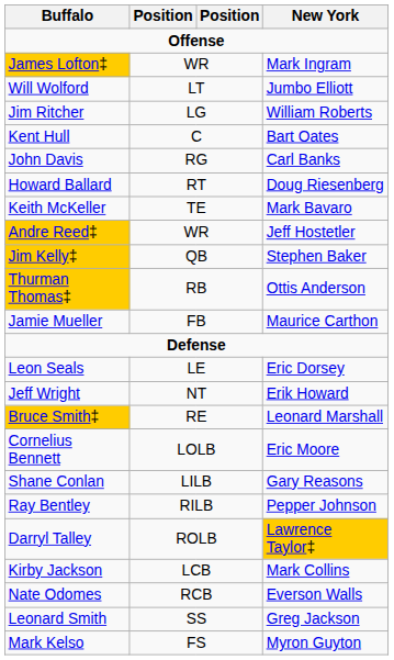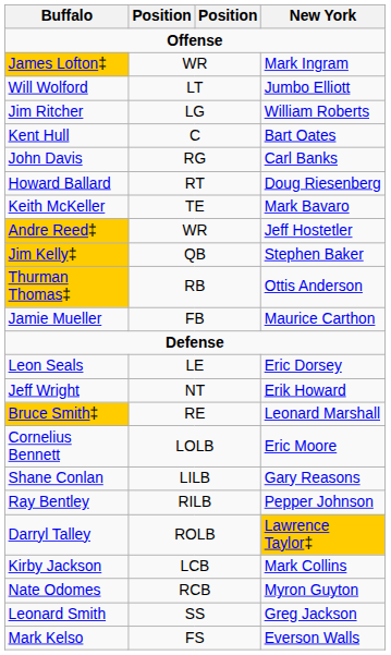 <table class="wikitable">
 <tr>
 <th width="125px">Buffalo</th>
 <th>Position</th>
 <th>Position</th>
 <th width="125px">New York</th>
 </tr>
 <tr>
 <td colspan="4" style="text-align:center"><strong>Offense</strong></td>
 </tr>
 <tr>
 <td bgcolor="#FFCC00"><a href='#'>James Lofton</a>‡</td>
 <td colspan="2" style="text-align:center">WR</td>
 <td><a href='#'>Mark Ingram</a></td>
 </tr>
 <tr>
 <td><a href='#'>Will Wolford</a></td>
 <td colspan="2" style="text-align:center">LT</td>
 <td><a href='#'>Jumbo Elliott</a></td>
 </tr>
 <tr>
 <td><a href='#'>Jim Ritcher</a></td>
 <td colspan="2" style="text-align:center">LG</td>
 <td><a href='#'>William Roberts</a></td>
 </tr>
 <tr>
 <td><a href='#'>Kent Hull</a></td>
 <td colspan="2" style="text-align:center">C</td>
 <td><a href='#'>Bart Oates</a></td>
 </tr>
 <tr>
 <td><a href='#'>John Davis</a></td>
 <td colspan="2" style="text-align:center">RG</td>
 <td><a href='#'>Carl Banks</a></td>
 </tr>
 <tr>
 <td><a href='#'>Howard Ballard</a></td>
 <td colspan="2" style="text-align:center">RT</td>
 <td><a href='#'>Doug Riesenberg</a></td>
 </tr>
 <tr>
 <td><a href='#'>Keith McKeller</a></td>
 <td colspan="2" style="text-align:center">TE</td>
 <td><a href='#'>Mark Bavaro</a></td>
 </tr>
 <tr>
 <td bgcolor="#FFCC00"><a href='#'>Andre Reed</a>‡</td>
 <td colspan="2" style="text-align:center">WR</td>
 <td><a href='#'>Jeff Hostetler</a></td>
 </tr>
 <tr>
 <td bgcolor="#FFCC00"><a href='#'>Jim Kelly</a>‡</td>
 <td colspan="2" style="text-align:center">QB</td>
 <td><a href='#'>Stephen Baker</a></td>
 </tr>
 <tr>
 <td bgcolor="#FFCC00"><a href='#'>Thurman Thomas</a>‡</td>
 <td colspan="2" style="text-align:center">RB</td>
 <td><a href='#'>Ottis Anderson</a></td>
 </tr>
 <tr>
 <td><a href='#'>Jamie Mueller</a></td>
 <td colspan="2" style="text-align:center">FB</td>
 <td><a href='#'>Maurice Carthon</a></td>
 </tr>
 <tr>
 <td colspan="4" style="text-align:center"><strong>Defense</strong></td>
 </tr>
 <tr>
 <td><a href='#'>Leon Seals</a></td>
 <td colspan="2" style="text-align:center">LE</td>
 <td><a href='#'>Eric Dorsey</a></td>
 </tr>
 <tr>
 <td><a href='#'>Jeff Wright</a></td>
 <td colspan="2" style="text-align:center">NT</td>
 <td><a href='#'>Erik Howard</a></td>
 </tr>
 <tr>
 <td bgcolor="#FFCC00"><a href='#'>Bruce Smith</a>‡</td>
 <td colspan="2" style="text-align:center">RE</td>
 <td><a href='#'>Leonard Marshall</a></td>
 </tr>
 <tr>
 <td><a href='#'>Cornelius Bennett</a></td>
 <td colspan="2" style="text-align:center">LOLB</td>
 <td><a href='#'>Eric Moore</a></td>
 </tr>
 <tr>
 <td><a href='#'>Shane Conlan</a></td>
 <td colspan="2" style="text-align:center">LILB</td>
 <td><a href='#'>Gary Reasons</a></td>
 </tr>
 <tr>
 <td><a href='#'>Ray Bentley</a></td>
 <td colspan="2" style="text-align:center">RILB</td>
 <td><a href='#'>Pepper Johnson</a></td>
 </tr>
 <tr>
 <td><a href='#'>Darryl Talley</a></td>
 <td colspan="2" style="text-align:center">ROLB</td>
 <td bgcolor="#FFCC00"><a href='#'>Lawrence Taylor</a>‡</td>
 </tr>
 <tr>
 <td><a href='#'>Kirby Jackson</a></td>
 <td colspan="2" style="text-align:center">LCB</td>
 <td><a href='#'>Mark Collins</a></td>
 </tr>
 <tr>
 <td><a href='#'>Nate Odomes</a></td>
 <td colspan="2" style="text-align:center">RCB</td>
-<td><a href='#'>Everson Walls</a></td>
+<td><a href='#'>Myron Guyton</a></td>
 </tr>
 <tr>
 <td><a href='#'>Leonard Smith</a></td>
 <td colspan="2" style="text-align:center">SS</td>
 <td><a href='#'>Greg Jackson</a></td>
 </tr>
 <tr>
 <td><a href='#'>Mark Kelso</a></td>
 <td colspan="2" style="text-align:center">FS</td>
-<td><a href='#'>Myron Guyton</a></td>
+<td><a href='#'>Everson Walls</a></td>
 </tr>
 </table>
